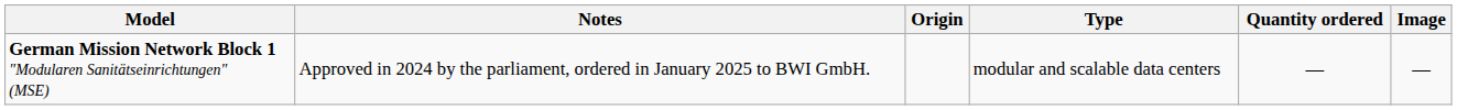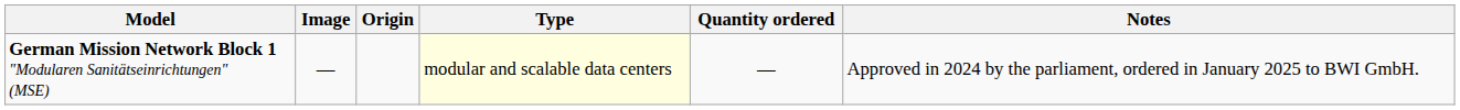 <table class="wikitable" style="width:100%;">
 <tr>
 <th>Model</th>
-<th>Notes</th>
+<th>Image</th>
 <th>Origin</th>
 <th>Type</th>
 <th>Quantity ordered</th>
-<th>Image</th>
+<th>Notes</th>
 </tr>
 <tr>
 <td><strong>German Mission Network Block 1</strong><br><em><small>"Modularen Sanitätseinrichtungen"</small></em><br><small><em>(MSE)</em></small></td>
+<td style="text-align: center">—</td>
+<td><small></small></td>
+<td style="background: lightyellow;">modular and scalable data centers</td>
+<td style="text-align: center">—</td>
 <td>Approved in 2024 by the parliament, ordered in January 2025 to BWI GmbH.</td>
-<td><small></small></td>
-<td>modular and scalable data centers</td>
-<td style="text-align: center">—</td>
-<td style="text-align: center">—</td>
 </tr>
 </table>
